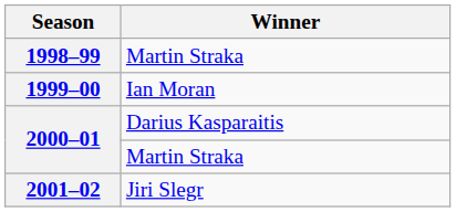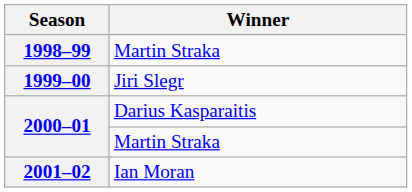 <table class="wikitable">
 <tr>
 <th scope="col" style="width:5em">Season</th>
 <th scope="col" style="width:15em">Winner</th>
 </tr>
 <tr>
 <th scope="row"><a href='#'>1998–99</a></th>
 <td><a href='#'>Martin Straka</a></td>
 </tr>
 <tr>
 <th scope="row"><a href='#'>1999–00</a></th>
-<td><a href='#'>Ian Moran</a></td>
+<td><a href='#'>Jiri Slegr</a></td>
 </tr>
 <tr>
 <th scope="row" rowspan="2"><a href='#'>2000–01</a></th>
 <td><a href='#'>Darius Kasparaitis</a></td>
 </tr>
 <tr>
 <td><a href='#'>Martin Straka</a></td>
 </tr>
 <tr>
 <th scope="row"><a href='#'>2001–02</a></th>
-<td><a href='#'>Jiri Slegr</a></td>
+<td><a href='#'>Ian Moran</a></td>
 </tr>
 </table>
